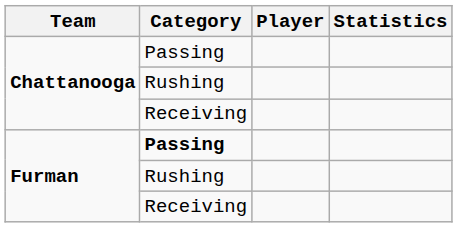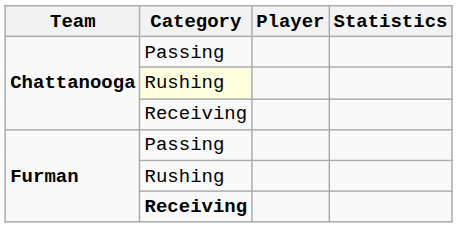 <table class="wikitable" style="float: right;">
 <tr>
 <th>Team</th>
 <th>Category</th>
 <th>Player</th>
 <th>Statistics</th>
 </tr>
 <tr>
 <td rowspan=3><strong>Chattanooga</strong></td>
 <td>Passing</td>
 <td></td>
 <td></td>
 </tr>
 <tr>
-<td>Rushing</td>
+<td style="background: lightyellow;">Rushing</td>
 <td></td>
 <td></td>
 </tr>
 <tr>
 <td>Receiving</td>
 <td></td>
 <td></td>
 </tr>
 <tr>
 <td rowspan=3><strong>Furman</strong></td>
-<td><strong>Passing</strong></td>
+<td>Passing</td>
 <td></td>
 <td></td>
 </tr>
 <tr>
 <td>Rushing</td>
 <td></td>
 <td></td>
 </tr>
 <tr>
-<td>Receiving</td>
+<td><strong>Receiving</strong></td>
 <td></td>
 <td></td>
 </tr>
 </table>
